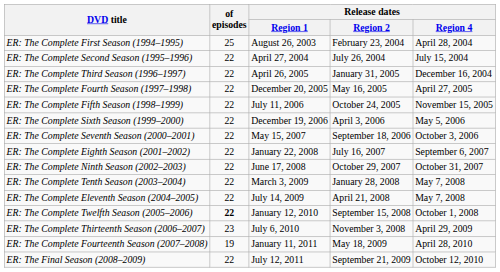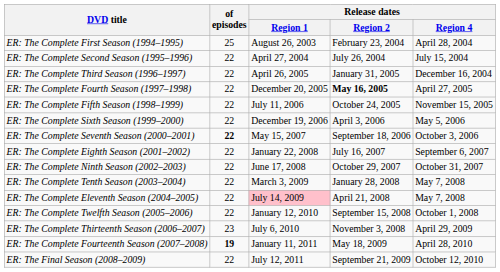 <table class="wikitable">
 <tr>
 <th rowspan="2"><a href='#'>DVD</a> title</th>
 <th rowspan="2"> of<br>episodes</th>
 <th colspan="3">Release dates</th>
 </tr>
 <tr>
 <th><a href='#'>Region 1</a></th>
 <th><a href='#'>Region 2</a></th>
 <th><a href='#'>Region 4</a></th>
 </tr>
 <tr>
 <td><em>ER: The Complete First Season (1994–1995)</em></td>
 <td style="text-align:center;">25</td>
 <td>August 26, 2003</td>
 <td>February 23, 2004</td>
 <td>April 28, 2004</td>
 </tr>
 <tr>
 <td><em>ER: The Complete Second Season (1995–1996)</em></td>
 <td style="text-align:center;">22</td>
 <td>April 27, 2004</td>
 <td>July 26, 2004</td>
 <td>July 15, 2004</td>
 </tr>
 <tr>
 <td><em>ER: The Complete Third Season (1996–1997)</em></td>
 <td style="text-align:center;">22</td>
 <td>April 26, 2005</td>
 <td>January 31, 2005</td>
 <td>December 16, 2004</td>
 </tr>
 <tr>
 <td><em>ER: The Complete Fourth Season (1997–1998)</em></td>
 <td style="text-align:center;">22</td>
 <td>December 20, 2005</td>
-<td>May 16, 2005</td>
+<td><strong>May 16, 2005</strong></td>
 <td>April 27, 2005</td>
 </tr>
 <tr>
 <td><em>ER: The Complete Fifth Season (1998–1999)</em></td>
 <td style="text-align:center;">22</td>
 <td>July 11, 2006</td>
 <td>October 24, 2005</td>
 <td>November 15, 2005</td>
 </tr>
 <tr>
 <td><em>ER: The Complete Sixth Season (1999–2000)</em></td>
 <td style="text-align:center;">22</td>
 <td>December 19, 2006</td>
 <td>April 3, 2006</td>
 <td>May 5, 2006</td>
 </tr>
 <tr>
 <td><em>ER: The Complete Seventh Season (2000–2001)</em></td>
-<td style="text-align:center;">22</td>
+<td style="text-align:center;"><strong>22</strong></td>
 <td>May 15, 2007</td>
 <td>September 18, 2006</td>
 <td>October 3, 2006</td>
 </tr>
 <tr>
 <td><em>ER: The Complete Eighth Season (2001–2002)</em></td>
 <td style="text-align:center;">22</td>
 <td>January 22, 2008</td>
 <td>July 16, 2007</td>
 <td>September 6, 2007</td>
 </tr>
 <tr>
 <td><em>ER: The Complete Ninth Season (2002–2003)</em></td>
 <td style="text-align:center;">22</td>
 <td>June 17, 2008</td>
 <td>October 29, 2007</td>
 <td>October 31, 2007</td>
 </tr>
 <tr>
 <td><em>ER: The Complete Tenth Season (2003–2004)</em></td>
 <td style="text-align:center;">22</td>
 <td>March 3, 2009</td>
 <td>January 28, 2008</td>
 <td>May 7, 2008</td>
 </tr>
 <tr>
 <td><em>ER: The Complete Eleventh Season (2004–2005)</em></td>
 <td style="text-align:center;">22</td>
-<td>July 14, 2009</td>
+<td style="background: pink;">July 14, 2009</td>
 <td>April 21, 2008</td>
 <td>May 7, 2008</td>
 </tr>
 <tr>
 <td><em>ER: The Complete Twelfth Season (2005–2006)</em></td>
-<td style="text-align:center;"><strong>22</strong></td>
+<td style="text-align:center;">22</td>
 <td>January 12, 2010</td>
 <td>September 15, 2008</td>
 <td>October 1, 2008</td>
 </tr>
 <tr>
 <td><em>ER: The Complete Thirteenth Season (2006–2007)</em></td>
 <td style="text-align:center;">23</td>
 <td>July 6, 2010</td>
 <td>November 3, 2008</td>
 <td>April 29, 2009</td>
 </tr>
 <tr>
 <td><em>ER: The Complete Fourteenth Season (2007–2008)</em></td>
-<td style="text-align:center;">19</td>
+<td style="text-align:center;"><strong>19</strong></td>
 <td>January 11, 2011</td>
 <td>May 18, 2009</td>
 <td>April 28, 2010</td>
 </tr>
 <tr>
 <td><em>ER: The Final Season (2008–2009)</em></td>
 <td style="text-align:center;">22</td>
 <td>July 12, 2011</td>
 <td>September 21, 2009</td>
 <td>October 12, 2010</td>
 </tr>
 </table>
